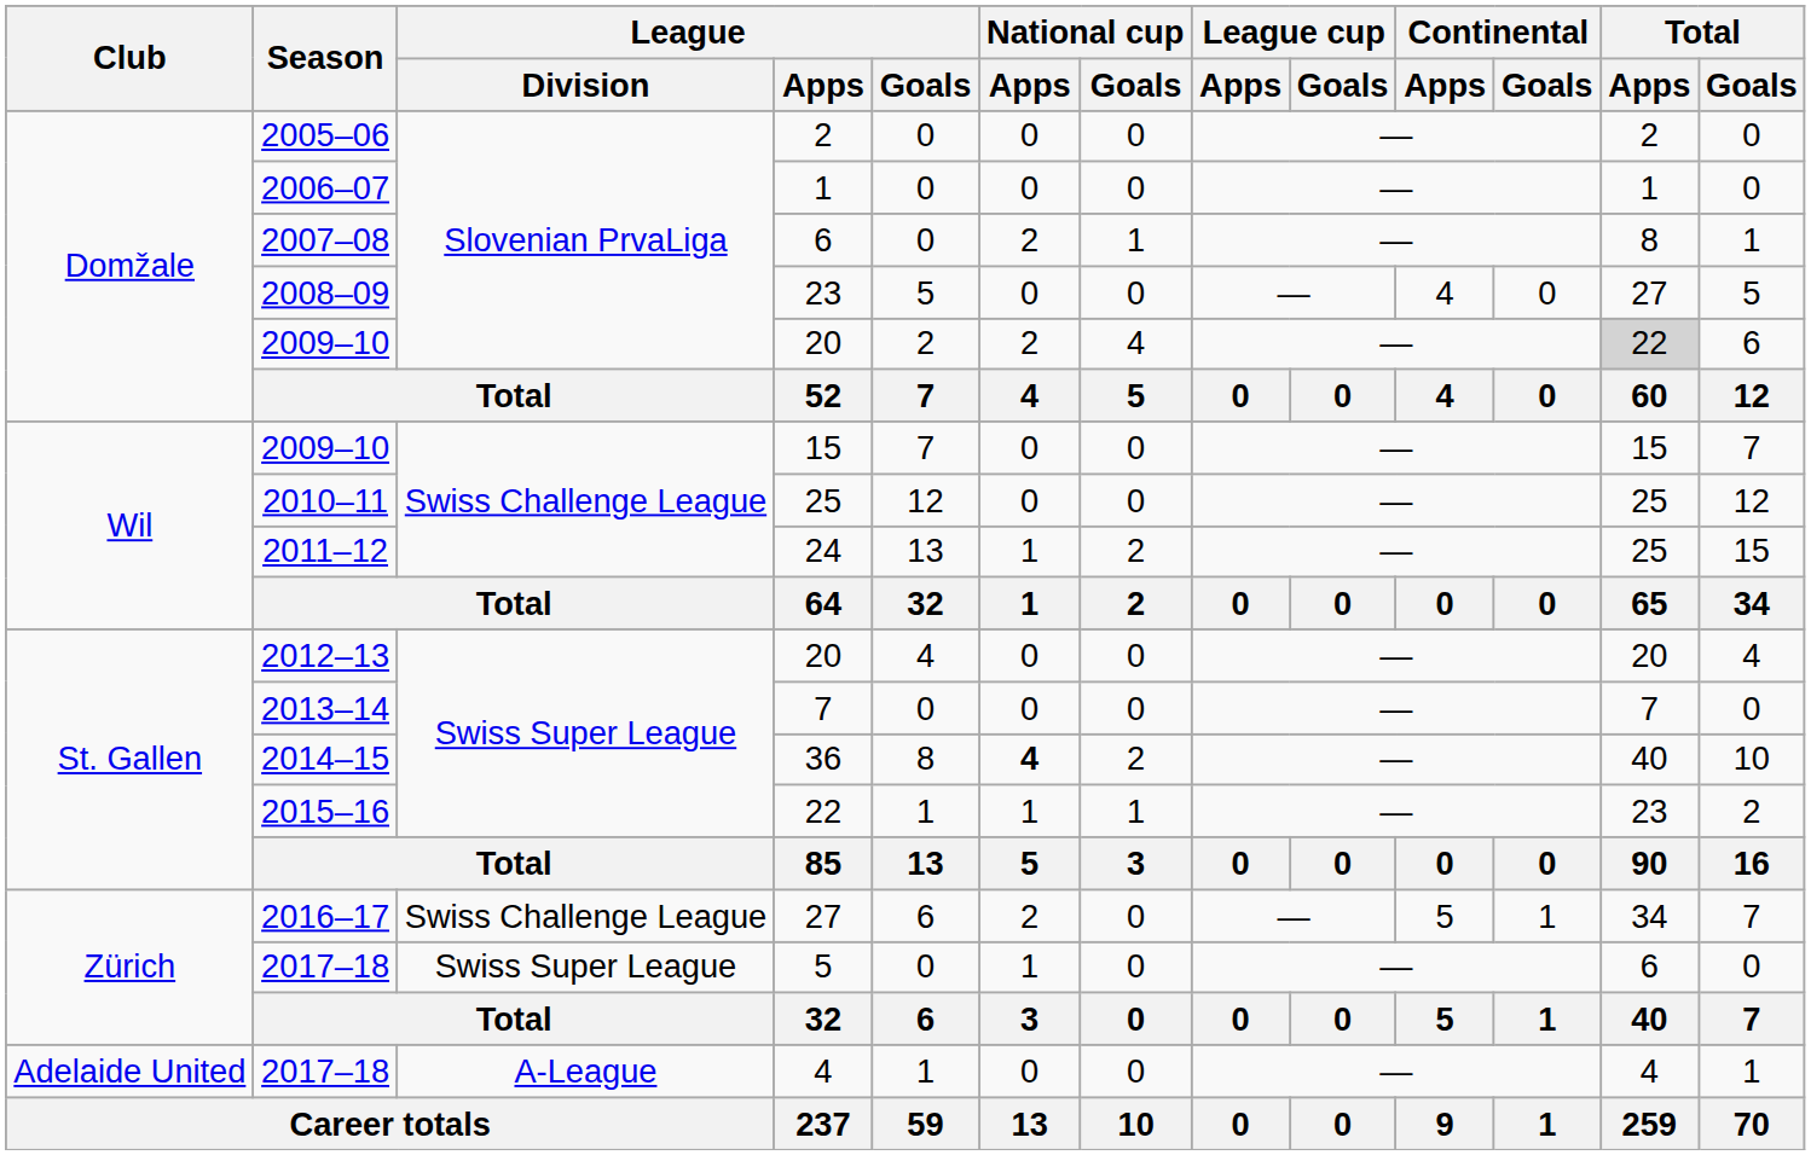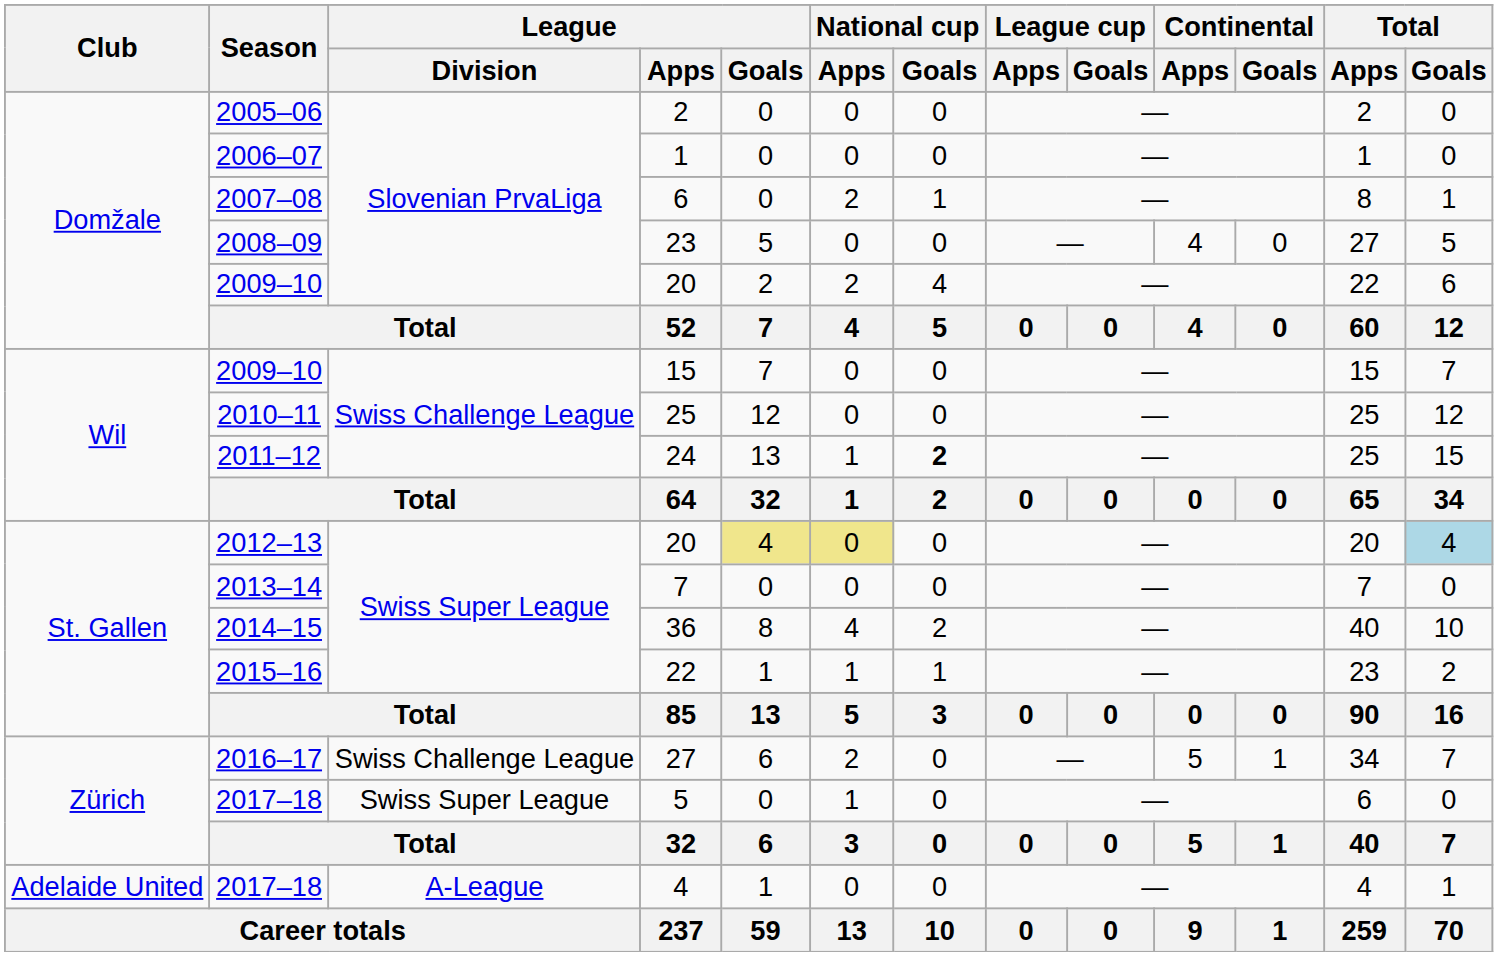 <table class="wikitable" style="font-size:90%; text-align: center">
 <tr>
 <th rowspan=2>Club</th>
 <th rowspan=2>Season</th>
 <th colspan=3>League</th>
 <th colspan=2>National cup</th>
 <th colspan=2>League cup</th>
 <th colspan=2>Continental</th>
 <th colspan=2>Total</th>
 </tr>
 <tr>
 <th>Division</th>
 <th>Apps</th>
 <th>Goals</th>
 <th>Apps</th>
 <th>Goals</th>
 <th>Apps</th>
 <th>Goals</th>
 <th>Apps</th>
 <th>Goals</th>
 <th>Apps</th>
 <th>Goals</th>
 </tr>
 <tr>
 <td rowspan=6><a href='#'>Domžale</a></td>
 <td><a href='#'>2005–06</a></td>
 <td rowspan=5><a href='#'>Slovenian PrvaLiga</a></td>
 <td>2</td>
 <td>0</td>
 <td>0</td>
 <td>0</td>
 <td colspan=4>—</td>
 <td>2</td>
 <td>0</td>
 </tr>
 <tr>
 <td><a href='#'>2006–07</a></td>
 <td>1</td>
 <td>0</td>
 <td>0</td>
 <td>0</td>
 <td colspan=4>—</td>
 <td>1</td>
 <td>0</td>
 </tr>
 <tr>
 <td><a href='#'>2007–08</a></td>
 <td>6</td>
 <td>0</td>
 <td>2</td>
 <td>1</td>
 <td colspan=4>—</td>
 <td>8</td>
 <td>1</td>
 </tr>
 <tr>
 <td><a href='#'>2008–09</a></td>
 <td>23</td>
 <td>5</td>
 <td>0</td>
 <td>0</td>
 <td colspan=2>—</td>
 <td>4</td>
 <td>0</td>
 <td>27</td>
 <td>5</td>
 </tr>
 <tr>
 <td><a href='#'>2009–10</a></td>
 <td>20</td>
 <td>2</td>
 <td>2</td>
 <td>4</td>
 <td colspan=4>—</td>
-<td style="background: lightgrey;">22</td>
+<td>22</td>
 <td>6</td>
 </tr>
 <tr>
 <th colspan=2>Total</th>
 <th>52</th>
 <th>7</th>
 <th>4</th>
 <th>5</th>
 <th>0</th>
 <th>0</th>
 <th>4</th>
 <th>0</th>
 <th>60</th>
 <th>12</th>
 </tr>
 <tr>
 <td rowspan=4><a href='#'>Wil</a></td>
 <td><a href='#'>2009–10</a></td>
 <td rowspan=3><a href='#'>Swiss Challenge League</a></td>
 <td>15</td>
 <td>7</td>
 <td>0</td>
 <td>0</td>
 <td colspan=4>—</td>
 <td>15</td>
 <td>7</td>
 </tr>
 <tr>
 <td><a href='#'>2010–11</a></td>
 <td>25</td>
 <td>12</td>
 <td>0</td>
 <td>0</td>
 <td colspan=4>—</td>
 <td>25</td>
 <td>12</td>
 </tr>
 <tr>
 <td><a href='#'>2011–12</a></td>
 <td>24</td>
 <td>13</td>
 <td>1</td>
-<td>2</td>
+<td><strong>2</strong></td>
 <td colspan=4>—</td>
 <td>25</td>
 <td>15</td>
 </tr>
 <tr>
 <th colspan=2>Total</th>
 <th>64</th>
 <th>32</th>
 <th>1</th>
 <th>2</th>
 <th>0</th>
 <th>0</th>
 <th>0</th>
 <th>0</th>
 <th>65</th>
 <th>34</th>
 </tr>
 <tr>
 <td rowspan=5><a href='#'>St. Gallen</a></td>
 <td><a href='#'>2012–13</a></td>
 <td rowspan=4><a href='#'>Swiss Super League</a></td>
 <td>20</td>
-<td>4</td>
-<td>0</td>
+<td style="background: khaki;">4</td>
+<td style="background: khaki;">0</td>
 <td>0</td>
 <td colspan=4>—</td>
 <td>20</td>
-<td>4</td>
+<td style="background: lightblue;">4</td>
 </tr>
 <tr>
 <td><a href='#'>2013–14</a></td>
 <td>7</td>
 <td>0</td>
 <td>0</td>
 <td>0</td>
 <td colspan=4>—</td>
 <td>7</td>
 <td>0</td>
 </tr>
 <tr>
 <td><a href='#'>2014–15</a></td>
 <td>36</td>
 <td>8</td>
-<td><strong>4</strong></td>
+<td>4</td>
 <td>2</td>
 <td colspan=4>—</td>
 <td>40</td>
 <td>10</td>
 </tr>
 <tr>
 <td><a href='#'>2015–16</a></td>
 <td>22</td>
 <td>1</td>
 <td>1</td>
 <td>1</td>
 <td colspan=4>—</td>
 <td>23</td>
 <td>2</td>
 </tr>
 <tr>
 <th colspan=2>Total</th>
 <th>85</th>
 <th>13</th>
 <th>5</th>
 <th>3</th>
 <th>0</th>
 <th>0</th>
 <th>0</th>
 <th>0</th>
 <th>90</th>
 <th>16</th>
 </tr>
 <tr>
 <td rowspan=3><a href='#'>Zürich</a></td>
 <td><a href='#'>2016–17</a></td>
 <td>Swiss Challenge League</td>
 <td>27</td>
 <td>6</td>
 <td>2</td>
 <td>0</td>
 <td colspan=2>—</td>
 <td>5</td>
 <td>1</td>
 <td>34</td>
 <td>7</td>
 </tr>
 <tr>
 <td><a href='#'>2017–18</a></td>
 <td>Swiss Super League</td>
 <td>5</td>
 <td>0</td>
 <td>1</td>
 <td>0</td>
 <td colspan=4>—</td>
 <td>6</td>
 <td>0</td>
 </tr>
 <tr>
 <th colspan=2>Total</th>
 <th>32</th>
 <th>6</th>
 <th>3</th>
 <th>0</th>
 <th>0</th>
 <th>0</th>
 <th>5</th>
 <th>1</th>
 <th>40</th>
 <th>7</th>
 </tr>
 <tr>
 <td><a href='#'>Adelaide United</a></td>
 <td><a href='#'>2017–18</a></td>
 <td><a href='#'>A-League</a></td>
 <td>4</td>
 <td>1</td>
 <td>0</td>
 <td>0</td>
 <td colspan=4>—</td>
 <td>4</td>
 <td>1</td>
 </tr>
 <tr>
 <th colspan=3>Career totals</th>
 <th>237</th>
 <th>59</th>
 <th>13</th>
 <th>10</th>
 <th>0</th>
 <th>0</th>
 <th>9</th>
 <th>1</th>
 <th>259</th>
 <th>70</th>
 </tr>
 </table>
